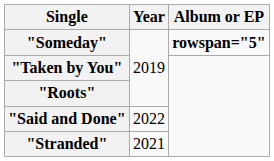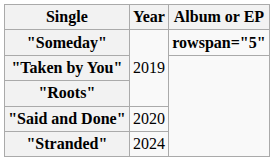 <table class="wikitable plainrowheaders" style="text-align:center;">
 <tr>
 <th scope="col">Single</th>
 <th scope="col">Year</th>
 <th scope="col">Album or EP</th>
 </tr>
 <tr>
 <th scope="row">"Someday"</th>
 <td rowspan="3">2019</td>
 <td><strong>rowspan="5" </strong></td>
 </tr>
 <tr>
 <th scope="row">"Taken by You"</th>
 </tr>
 <tr>
 <th scope="row">"Roots"</th>
 </tr>
 <tr>
 <th scope="row">"Said and Done"</th>
-<td>2022</td>
+<td>2020</td>
 </tr>
 <tr>
 <th scope="row">"Stranded"</th>
-<td>2021</td>
+<td>2024</td>
 </tr>
 </table>
